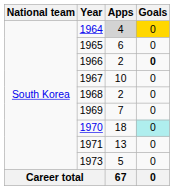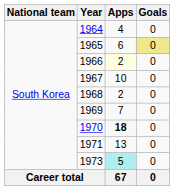 <table class="wikitable" style="text-align:center">
 <tr>
 <th>National team</th>
 <th>Year</th>
 <th>Apps</th>
 <th>Goals</th>
 </tr>
 <tr>
 <td rowspan="9"><a href='#'>South Korea</a></td>
 <td><a href='#'>1964</a></td>
-<td style="background: lightgrey;">4</td>
-<td style="background: gold;">0</td>
+<td>4</td>
+<td>0</td>
 </tr>
 <tr>
 <td>1965</td>
 <td>6</td>
-<td>0</td>
+<td style="background: khaki;">0</td>
 </tr>
 <tr>
 <td>1966</td>
-<td>2</td>
-<td><strong>0</strong></td>
+<td style="background: lightyellow;">2</td>
+<td>0</td>
 </tr>
 <tr>
 <td>1967</td>
 <td>10</td>
 <td>0</td>
 </tr>
 <tr>
 <td>1968</td>
 <td>2</td>
 <td>0</td>
 </tr>
 <tr>
 <td>1969</td>
 <td>7</td>
 <td>0</td>
 </tr>
 <tr>
 <td><a href='#'>1970</a></td>
-<td>18</td>
-<td style="background: paleturquoise;">0</td>
+<td><strong>18</strong></td>
+<td>0</td>
 </tr>
 <tr>
 <td>1971</td>
 <td>13</td>
 <td>0</td>
 </tr>
 <tr>
 <td>1973</td>
-<td>5</td>
+<td style="background: paleturquoise;">5</td>
 <td>0</td>
 </tr>
 <tr>
 <th colspan="2">Career total</th>
 <th>67</th>
 <th>0</th>
 </tr>
 </table>
